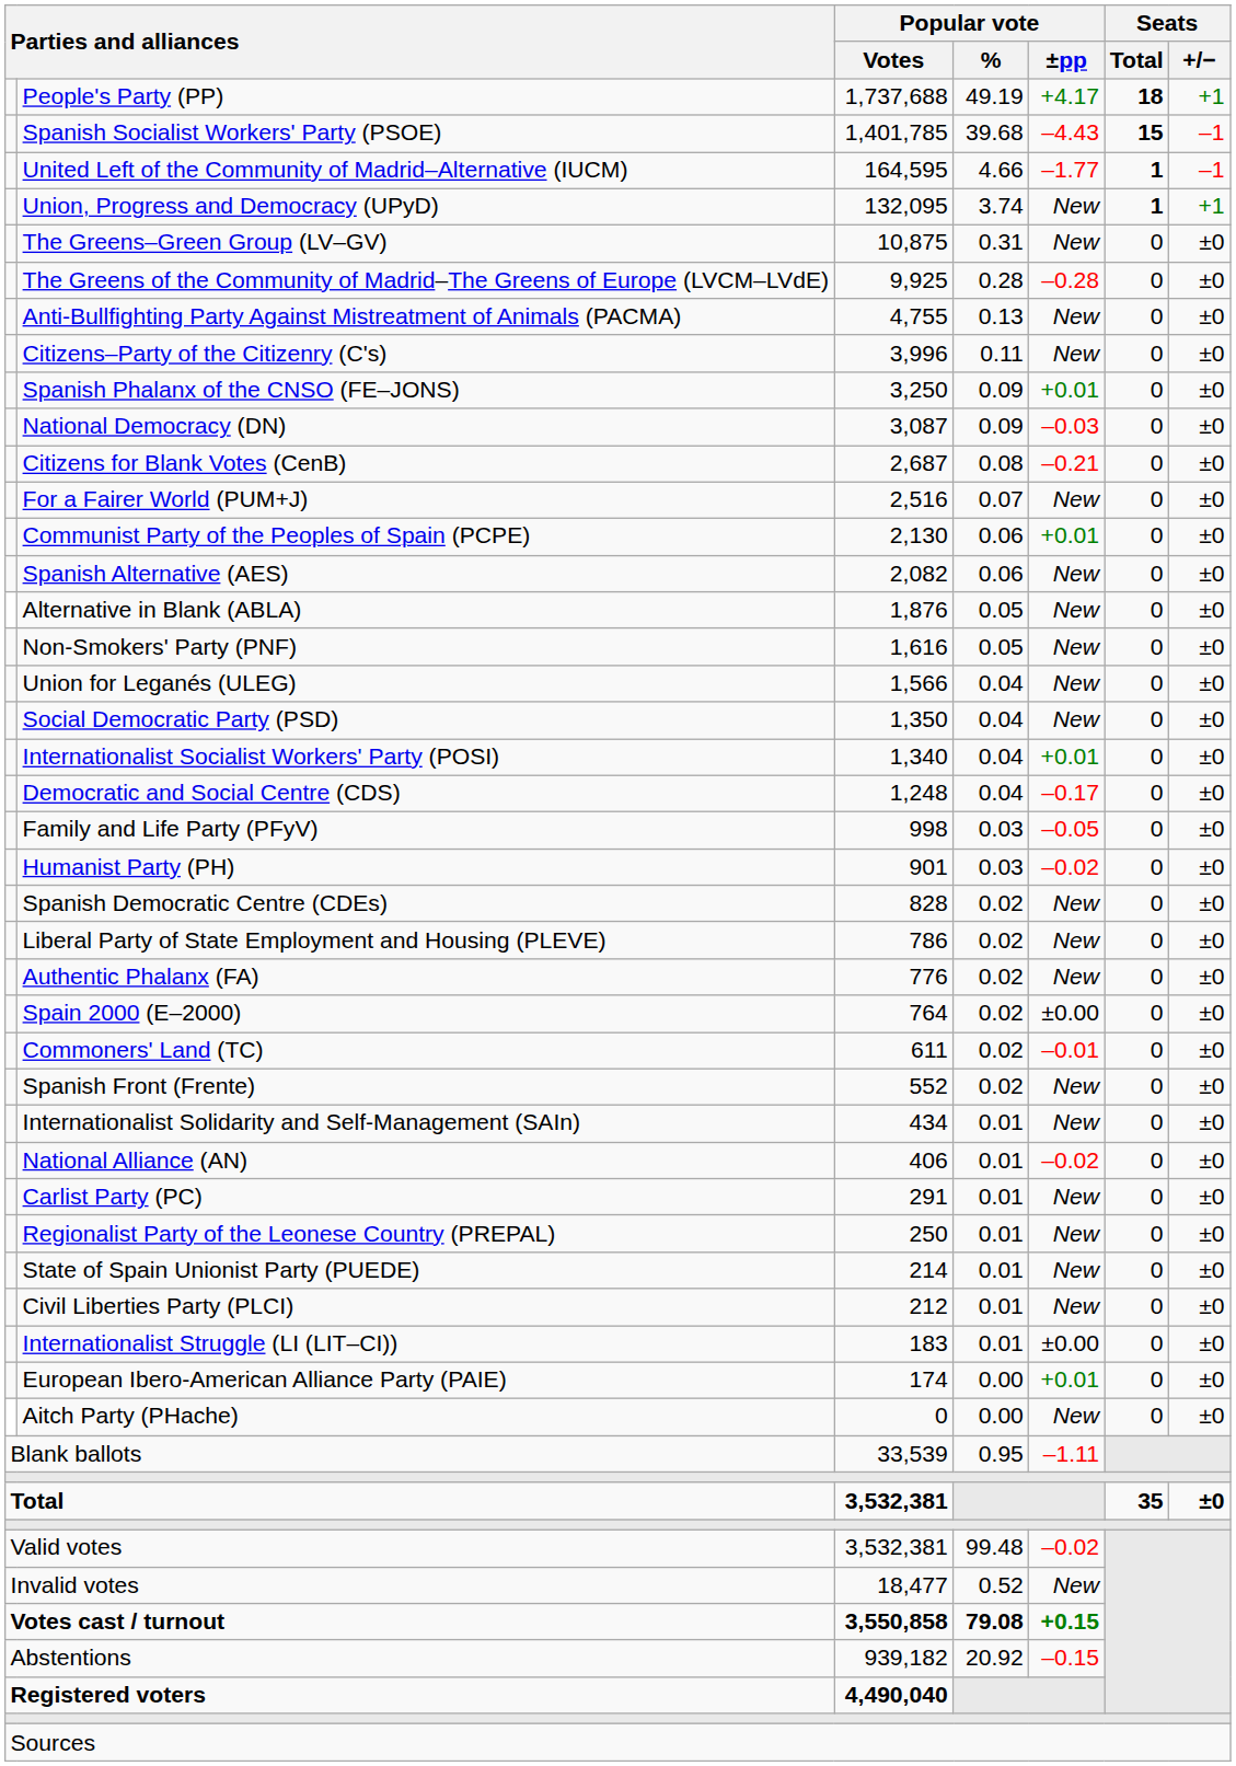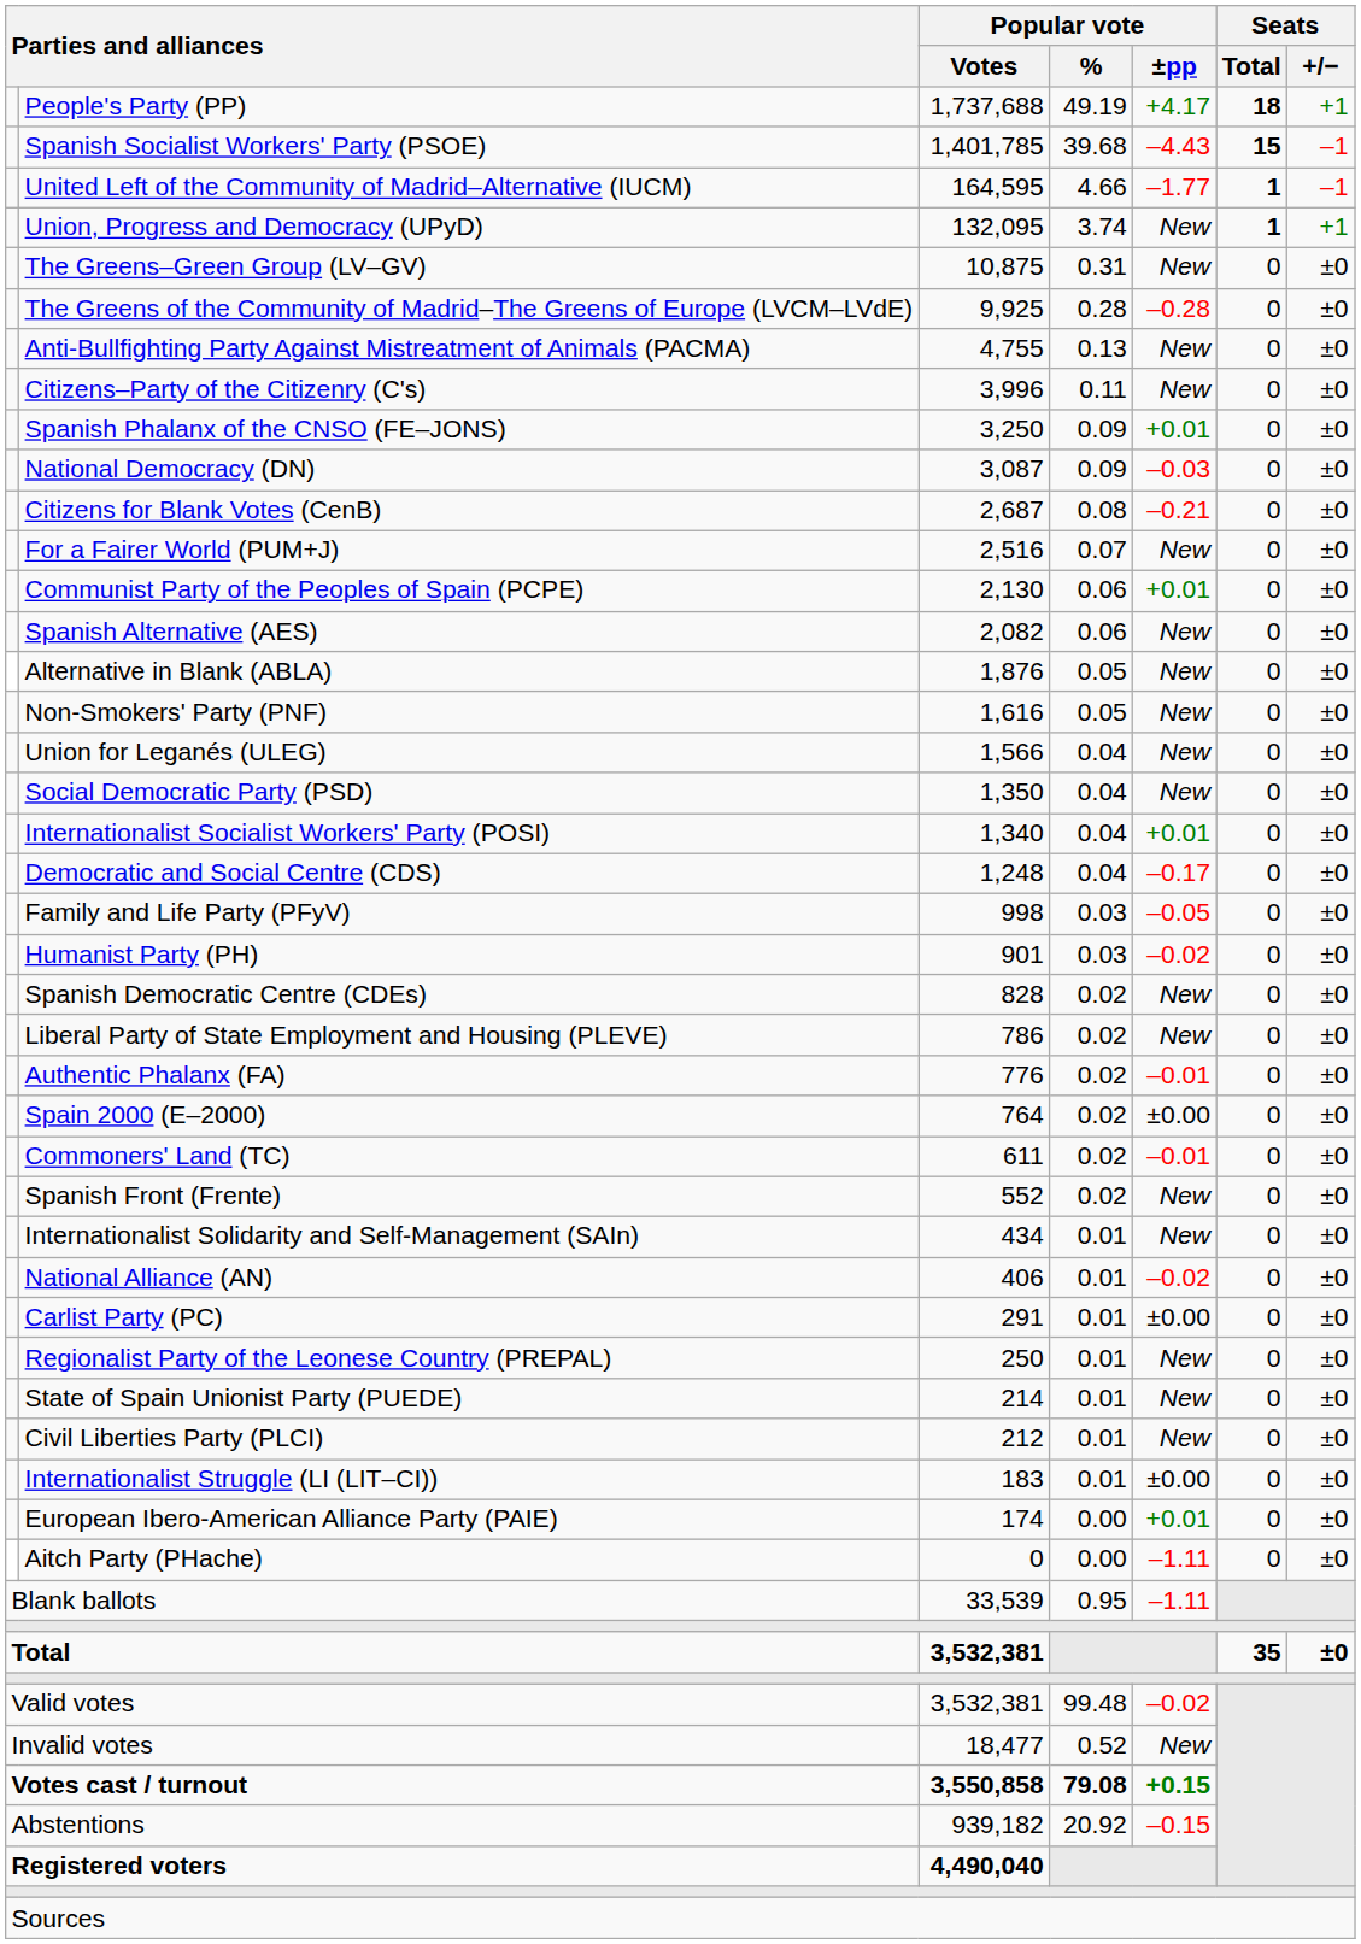 <table class="wikitable" style="text-align:right;">
 <tr>
 <th style="text-align:left;" rowspan="2" colspan="2" width="525">Parties and alliances</th>
 <th colspan="3">Popular vote</th>
 <th colspan="2">Seats</th>
 </tr>
 <tr>
 <th width="75">Votes</th>
 <th width="45">%</th>
 <th width="45">±<a href='#'>pp</a></th>
 <th width="35">Total</th>
 <th width="35">+/−</th>
 </tr>
 <tr>
 <td width="1" style="color:inherit;background:"></td>
 <td align="left"><a href='#'>People's Party</a> (PP)</td>
 <td>1,737,688</td>
 <td>49.19</td>
 <td style="color:green;">+4.17</td>
 <td><strong>18</strong></td>
 <td style="color:green;">+1</td>
 </tr>
 <tr>
 <td style="color:inherit;background:"></td>
 <td align="left"><a href='#'>Spanish Socialist Workers' Party</a> (PSOE)</td>
 <td>1,401,785</td>
 <td>39.68</td>
 <td style="color:red;">–4.43</td>
 <td><strong>15</strong></td>
 <td style="color:red;">–1</td>
 </tr>
 <tr>
 <td style="color:inherit;background:"></td>
 <td align="left"><a href='#'>United Left of the Community of Madrid–Alternative</a> (IUCM)</td>
 <td>164,595</td>
 <td>4.66</td>
 <td style="color:red;">–1.77</td>
 <td><strong>1</strong></td>
 <td style="color:red;">–1</td>
 </tr>
 <tr>
 <td style="color:inherit;background:"></td>
 <td align="left"><a href='#'>Union, Progress and Democracy</a> (UPyD)</td>
 <td>132,095</td>
 <td>3.74</td>
 <td><em>New</em></td>
 <td><strong>1</strong></td>
 <td style="color:green;">+1</td>
 </tr>
 <tr>
 <td style="color:inherit;background:"></td>
 <td align="left"><a href='#'>The Greens–Green Group</a> (LV–GV)</td>
 <td>10,875</td>
 <td>0.31</td>
 <td><em>New</em></td>
 <td>0</td>
 <td>±0</td>
 </tr>
 <tr>
 <td style="color:inherit;background:"></td>
 <td align="left"><a href='#'>The Greens of the Community of Madrid</a>–<a href='#'>The Greens of Europe</a> (LVCM–LVdE)</td>
 <td>9,925</td>
 <td>0.28</td>
 <td style="color:red;">–0.28</td>
 <td>0</td>
 <td>±0</td>
 </tr>
 <tr>
 <td style="color:inherit;background:"></td>
 <td align="left"><a href='#'>Anti-Bullfighting Party Against Mistreatment of Animals</a> (PACMA)</td>
 <td>4,755</td>
 <td>0.13</td>
 <td><em>New</em></td>
 <td>0</td>
 <td>±0</td>
 </tr>
 <tr>
 <td style="color:inherit;background:"></td>
 <td align="left"><a href='#'>Citizens–Party of the Citizenry</a> (C's)</td>
 <td>3,996</td>
 <td>0.11</td>
 <td><em>New</em></td>
 <td>0</td>
 <td>±0</td>
 </tr>
 <tr>
 <td style="color:inherit;background:"></td>
 <td align="left"><a href='#'>Spanish Phalanx of the CNSO</a> (FE–JONS)</td>
 <td>3,250</td>
 <td>0.09</td>
 <td style="color:green;">+0.01</td>
 <td>0</td>
 <td>±0</td>
 </tr>
 <tr>
 <td style="color:inherit;background:"></td>
 <td align="left"><a href='#'>National Democracy</a> (DN)</td>
 <td>3,087</td>
 <td>0.09</td>
 <td style="color:red;">–0.03</td>
 <td>0</td>
 <td>±0</td>
 </tr>
 <tr>
 <td style="color:inherit;background:"></td>
 <td align="left"><a href='#'>Citizens for Blank Votes</a> (CenB)</td>
 <td>2,687</td>
 <td>0.08</td>
 <td style="color:red;">–0.21</td>
 <td>0</td>
 <td>±0</td>
 </tr>
 <tr>
 <td style="color:inherit;background:"></td>
 <td align="left"><a href='#'>For a Fairer World</a> (PUM+J)</td>
 <td>2,516</td>
 <td>0.07</td>
 <td><em>New</em></td>
 <td>0</td>
 <td>±0</td>
 </tr>
 <tr>
 <td style="color:inherit;background:"></td>
 <td align="left"><a href='#'>Communist Party of the Peoples of Spain</a> (PCPE)</td>
 <td>2,130</td>
 <td>0.06</td>
 <td style="color:green;">+0.01</td>
 <td>0</td>
 <td>±0</td>
 </tr>
 <tr>
 <td style="color:inherit;background:"></td>
 <td align="left"><a href='#'>Spanish Alternative</a> (AES)</td>
 <td>2,082</td>
 <td>0.06</td>
 <td><em>New</em></td>
 <td>0</td>
 <td>±0</td>
 </tr>
 <tr>
 <td bgcolor="white"></td>
 <td align="left">Alternative in Blank (ABLA)</td>
 <td>1,876</td>
 <td>0.05</td>
 <td><em>New</em></td>
 <td>0</td>
 <td>±0</td>
 </tr>
 <tr>
 <td style="color:inherit;background:"></td>
 <td align="left">Non-Smokers' Party (PNF)</td>
 <td>1,616</td>
 <td>0.05</td>
 <td><em>New</em></td>
 <td>0</td>
 <td>±0</td>
 </tr>
 <tr>
 <td style="color:inherit;background:"></td>
 <td align="left">Union for Leganés (ULEG)</td>
 <td>1,566</td>
 <td>0.04</td>
 <td><em>New</em></td>
 <td>0</td>
 <td>±0</td>
 </tr>
 <tr>
 <td style="color:inherit;background:"></td>
 <td align="left"><a href='#'>Social Democratic Party</a> (PSD)</td>
 <td>1,350</td>
 <td>0.04</td>
 <td><em>New</em></td>
 <td>0</td>
 <td>±0</td>
 </tr>
 <tr>
 <td style="color:inherit;background:"></td>
 <td align="left"><a href='#'>Internationalist Socialist Workers' Party</a> (POSI)</td>
 <td>1,340</td>
 <td>0.04</td>
 <td style="color:green;">+0.01</td>
 <td>0</td>
 <td>±0</td>
 </tr>
 <tr>
 <td style="color:inherit;background:"></td>
 <td align="left"><a href='#'>Democratic and Social Centre</a> (CDS)</td>
 <td>1,248</td>
 <td>0.04</td>
 <td style="color:red;">–0.17</td>
 <td>0</td>
 <td>±0</td>
 </tr>
 <tr>
 <td style="color:inherit;background:"></td>
 <td align="left">Family and Life Party (PFyV)</td>
 <td>998</td>
 <td>0.03</td>
 <td style="color:red;">–0.05</td>
 <td>0</td>
 <td>±0</td>
 </tr>
 <tr>
 <td style="color:inherit;background:"></td>
 <td align="left"><a href='#'>Humanist Party</a> (PH)</td>
 <td>901</td>
 <td>0.03</td>
 <td style="color:red;">–0.02</td>
 <td>0</td>
 <td>±0</td>
 </tr>
 <tr>
 <td style="color:inherit;background:"></td>
 <td align="left">Spanish Democratic Centre (CDEs)</td>
 <td>828</td>
 <td>0.02</td>
 <td><em>New</em></td>
 <td>0</td>
 <td>±0</td>
 </tr>
 <tr>
 <td style="color:inherit;background:"></td>
 <td align="left">Liberal Party of State Employment and Housing (PLEVE)</td>
 <td>786</td>
 <td>0.02</td>
 <td><em>New</em></td>
 <td>0</td>
 <td>±0</td>
 </tr>
 <tr>
 <td style="color:inherit;background:"></td>
 <td align="left"><a href='#'>Authentic Phalanx</a> (FA)</td>
 <td>776</td>
 <td>0.02</td>
-<td><em>New</em></td>
+<td style="color:red;">–0.01</td>
 <td>0</td>
 <td>±0</td>
 </tr>
 <tr>
 <td style="color:inherit;background:"></td>
 <td align="left"><a href='#'>Spain 2000</a> (E–2000)</td>
 <td>764</td>
 <td>0.02</td>
 <td>±0.00</td>
 <td>0</td>
 <td>±0</td>
 </tr>
 <tr>
 <td style="color:inherit;background:"></td>
 <td align="left"><a href='#'>Commoners' Land</a> (TC)</td>
 <td>611</td>
 <td>0.02</td>
 <td style="color:red;">–0.01</td>
 <td>0</td>
 <td>±0</td>
 </tr>
 <tr>
 <td style="color:inherit;background:"></td>
 <td align="left">Spanish Front (Frente)</td>
 <td>552</td>
 <td>0.02</td>
 <td><em>New</em></td>
 <td>0</td>
 <td>±0</td>
 </tr>
 <tr>
 <td style="color:inherit;background:"></td>
 <td align="left">Internationalist Solidarity and Self-Management (SAIn)</td>
 <td>434</td>
 <td>0.01</td>
 <td><em>New</em></td>
 <td>0</td>
 <td>±0</td>
 </tr>
 <tr>
 <td style="color:inherit;background:"></td>
 <td align="left"><a href='#'>National Alliance</a> (AN)</td>
 <td>406</td>
 <td>0.01</td>
 <td style="color:red;">–0.02</td>
 <td>0</td>
 <td>±0</td>
 </tr>
 <tr>
 <td style="color:inherit;background:"></td>
 <td align="left"><a href='#'>Carlist Party</a> (PC)</td>
 <td>291</td>
 <td>0.01</td>
-<td><em>New</em></td>
+<td>±0.00</td>
 <td>0</td>
 <td>±0</td>
 </tr>
 <tr>
 <td style="color:inherit;background:"></td>
 <td align="left"><a href='#'>Regionalist Party of the Leonese Country</a> (PREPAL)</td>
 <td>250</td>
 <td>0.01</td>
 <td><em>New</em></td>
 <td>0</td>
 <td>±0</td>
 </tr>
 <tr>
 <td style="color:inherit;background:"></td>
 <td align="left">State of Spain Unionist Party (PUEDE)</td>
 <td>214</td>
 <td>0.01</td>
 <td><em>New</em></td>
 <td>0</td>
 <td>±0</td>
 </tr>
 <tr>
 <td style="color:inherit;background:"></td>
 <td align="left">Civil Liberties Party (PLCI)</td>
 <td>212</td>
 <td>0.01</td>
 <td><em>New</em></td>
 <td>0</td>
 <td>±0</td>
 </tr>
 <tr>
 <td style="color:inherit;background:"></td>
 <td align="left"><a href='#'>Internationalist Struggle</a> (LI (LIT–CI))</td>
 <td>183</td>
 <td>0.01</td>
 <td>±0.00</td>
 <td>0</td>
 <td>±0</td>
 </tr>
 <tr>
 <td style="color:inherit;background:"></td>
 <td align="left">European Ibero-American Alliance Party (PAIE)</td>
 <td>174</td>
 <td>0.00</td>
 <td style="color:green;">+0.01</td>
 <td>0</td>
 <td>±0</td>
 </tr>
 <tr>
 <td bgcolor="white"></td>
 <td align="left">Aitch Party (PHache)</td>
 <td>0</td>
 <td>0.00</td>
-<td><em>New</em></td>
+<td style="color:red;">–1.11</td>
 <td>0</td>
 <td>±0</td>
 </tr>
 <tr>
 <td align="left" colspan="2">Blank ballots</td>
 <td>33,539</td>
 <td>0.95</td>
 <td style="color:red;">–1.11</td>
 <td bgcolor="#E9E9E9" colspan="2"></td>
 </tr>
 <tr>
 <td colspan="7" bgcolor="#E9E9E9"></td>
 </tr>
 <tr style="font-weight:bold;">
 <td align="left" colspan="2">Total</td>
 <td>3,532,381</td>
 <td bgcolor="#E9E9E9" colspan="2"></td>
 <td>35</td>
 <td>±0</td>
 </tr>
 <tr>
 <td colspan="7" bgcolor="#E9E9E9"></td>
 </tr>
 <tr>
 <td align="left" colspan="2">Valid votes</td>
 <td>3,532,381</td>
 <td>99.48</td>
 <td style="color:red;">–0.02</td>
 <td bgcolor="#E9E9E9" colspan="2" rowspan="5"></td>
 </tr>
 <tr>
 <td align="left" colspan="2">Invalid votes</td>
 <td>18,477</td>
 <td>0.52</td>
 <td><em>New</em></td>
 </tr>
 <tr style="font-weight:bold;">
 <td align="left" colspan="2">Votes cast / turnout</td>
 <td>3,550,858</td>
 <td>79.08</td>
 <td style="color:green;">+0.15</td>
 </tr>
 <tr>
 <td align="left" colspan="2">Abstentions</td>
 <td>939,182</td>
 <td>20.92</td>
 <td style="color:red;">–0.15</td>
 </tr>
 <tr style="font-weight:bold;">
 <td align="left" colspan="2">Registered voters</td>
 <td>4,490,040</td>
 <td bgcolor="#E9E9E9" colspan="2"></td>
 </tr>
 <tr>
 <td colspan="7" bgcolor="#E9E9E9"></td>
 </tr>
 <tr>
 <td align="left" colspan="7">Sources</td>
 </tr>
 </table>
